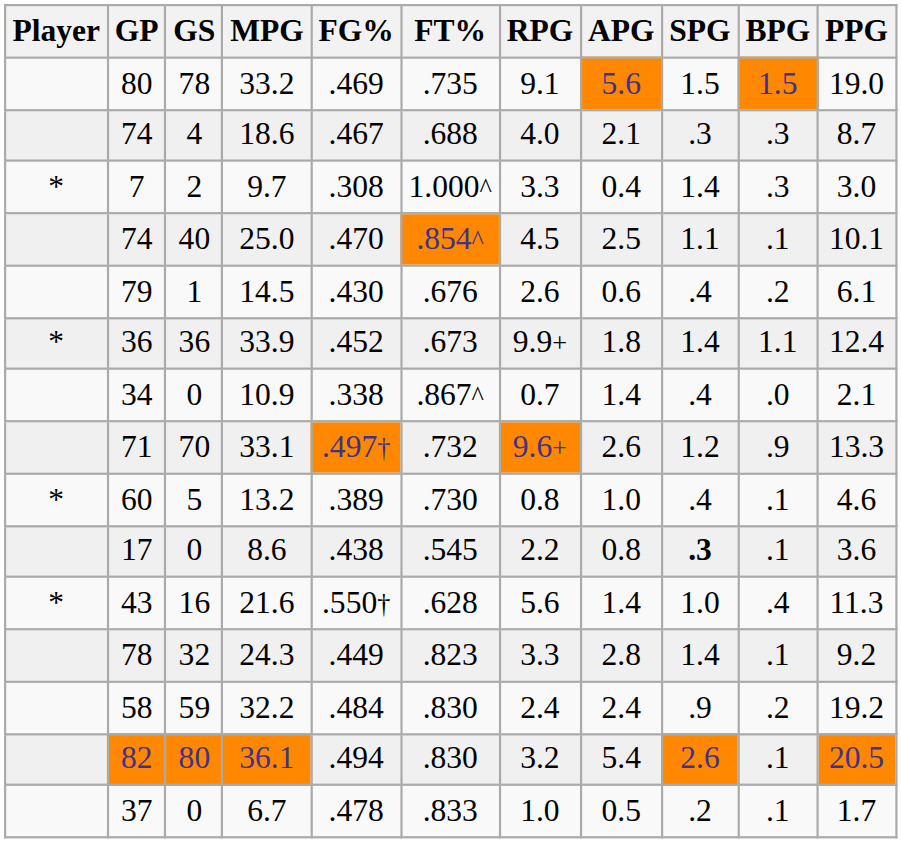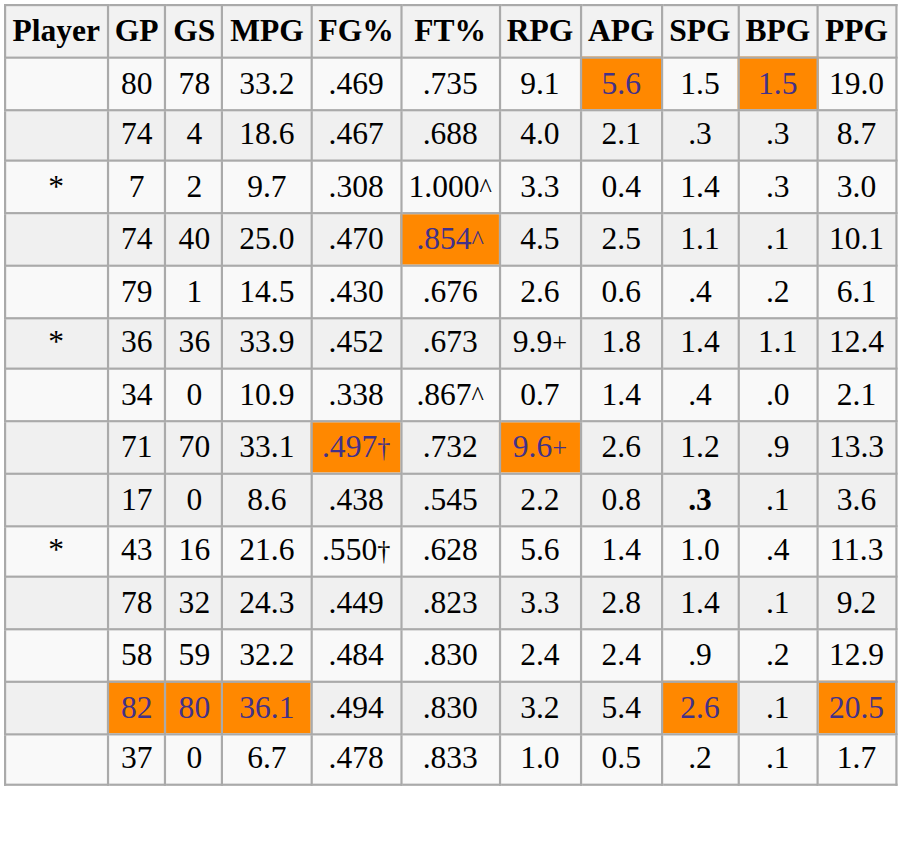 <table class="wikitable sortable" style="font-size:90%; text-align:center; white-space:nowrap;">
 <tr>
 <th>Player</th>
 <th>GP</th>
 <th>GS</th>
 <th>MPG</th>
 <th>FG%</th>
 <th>FT%</th>
 <th>RPG</th>
 <th>APG</th>
 <th>SPG</th>
 <th>BPG</th>
 <th>PPG</th>
 </tr>
 <tr align="center" bgcolor="">
 <td></td>
 <td>80</td>
 <td>78</td>
 <td>33.2</td>
 <td>.469</td>
 <td>.735</td>
 <td>9.1</td>
 <td style="background:#FF8800;color:#423189;">5.6</td>
 <td>1.5</td>
 <td style="background:#FF8800;color:#423189;">1.5</td>
 <td>19.0</td>
 </tr>
 <tr align="center" bgcolor="#f0f0f0">
 <td></td>
 <td>74</td>
 <td>4</td>
 <td>18.6</td>
 <td>.467</td>
 <td>.688</td>
 <td>4.0</td>
 <td>2.1</td>
 <td>.3</td>
 <td>.3</td>
 <td>8.7</td>
 </tr>
 <tr align="center" bgcolor="">
 <td>*</td>
 <td>7</td>
 <td>2</td>
 <td>9.7</td>
 <td>.308</td>
 <td>1.000<small>^</small></td>
 <td>3.3</td>
 <td>0.4</td>
 <td>1.4</td>
 <td>.3</td>
 <td>3.0</td>
 </tr>
 <tr align="center" bgcolor="#f0f0f0">
 <td></td>
 <td>74</td>
 <td>40</td>
 <td>25.0</td>
 <td>.470</td>
 <td style="background:#FF8800;color:#423189;">.854<small>^</small></td>
 <td>4.5</td>
 <td>2.5</td>
 <td>1.1</td>
 <td>.1</td>
 <td>10.1</td>
 </tr>
 <tr align="center" bgcolor="">
 <td></td>
 <td>79</td>
 <td>1</td>
 <td>14.5</td>
 <td>.430</td>
 <td>.676</td>
 <td>2.6</td>
 <td>0.6</td>
 <td>.4</td>
 <td>.2</td>
 <td>6.1</td>
 </tr>
 <tr align="center" bgcolor="#f0f0f0">
 <td>*</td>
 <td>36</td>
 <td>36</td>
 <td>33.9</td>
 <td>.452</td>
 <td>.673</td>
 <td>9.9<small>+</small></td>
 <td>1.8</td>
 <td>1.4</td>
 <td>1.1</td>
 <td>12.4</td>
 </tr>
 <tr align="center" bgcolor="">
 <td></td>
 <td>34</td>
 <td>0</td>
 <td>10.9</td>
 <td>.338</td>
 <td>.867<small>^</small></td>
 <td>0.7</td>
 <td>1.4</td>
 <td>.4</td>
 <td>.0</td>
 <td>2.1</td>
 </tr>
 <tr align="center" bgcolor="#f0f0f0">
 <td></td>
 <td>71</td>
 <td>70</td>
 <td>33.1</td>
 <td style="background:#FF8800;color:#423189;">.497<small>†</small></td>
 <td>.732</td>
 <td style="background:#FF8800;color:#423189;">9.6<small>+</small></td>
 <td>2.6</td>
 <td>1.2</td>
 <td>.9</td>
 <td>13.3</td>
 </tr>
-<tr align="center" bgcolor="">
-<td>*</td>
-<td>60</td>
-<td>5</td>
-<td>13.2</td>
-<td>.389</td>
-<td>.730</td>
-<td>0.8</td>
-<td>1.0</td>
-<td>.4</td>
-<td>.1</td>
-<td>4.6</td>
-</tr>
 <tr align="center" bgcolor="#f0f0f0">
 <td></td>
 <td>17</td>
 <td>0</td>
 <td>8.6</td>
 <td>.438</td>
 <td>.545</td>
 <td>2.2</td>
 <td>0.8</td>
 <td><strong>.3</strong></td>
 <td>.1</td>
 <td>3.6</td>
 </tr>
 <tr align="center" bgcolor="">
 <td>*</td>
 <td>43</td>
 <td>16</td>
 <td>21.6</td>
 <td>.550<small>†</small></td>
 <td>.628</td>
 <td>5.6</td>
 <td>1.4</td>
 <td>1.0</td>
 <td>.4</td>
 <td>11.3</td>
 </tr>
 <tr align="center" bgcolor="#f0f0f0">
 <td></td>
 <td>78</td>
 <td>32</td>
 <td>24.3</td>
 <td>.449</td>
 <td>.823</td>
 <td>3.3</td>
 <td>2.8</td>
 <td>1.4</td>
 <td>.1</td>
 <td>9.2</td>
 </tr>
 <tr align="center" bgcolor="">
 <td></td>
 <td>58</td>
 <td>59</td>
 <td>32.2</td>
 <td>.484</td>
 <td>.830</td>
 <td>2.4</td>
 <td>2.4</td>
 <td>.9</td>
 <td>.2</td>
-<td>19.2</td>
+<td>12.9</td>
 </tr>
 <tr align="center" bgcolor="#f0f0f0">
 <td></td>
 <td style="background:#FF8800;color:#423189;">82</td>
 <td style="background:#FF8800;color:#423189;">80</td>
 <td style="background:#FF8800;color:#423189;">36.1</td>
 <td>.494</td>
 <td>.830</td>
 <td>3.2</td>
 <td>5.4</td>
 <td style="background:#FF8800;color:#423189;">2.6</td>
 <td>.1</td>
 <td style="background:#FF8800;color:#423189;">20.5</td>
 </tr>
 <tr align="center" bgcolor="">
 <td></td>
 <td>37</td>
 <td>0</td>
 <td>6.7</td>
 <td>.478</td>
 <td>.833</td>
 <td>1.0</td>
 <td>0.5</td>
 <td>.2</td>
 <td>.1</td>
 <td>1.7</td>
 </tr>
 </table>
